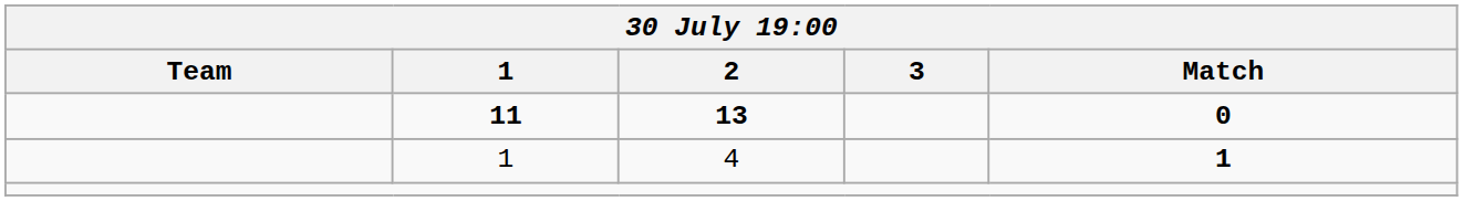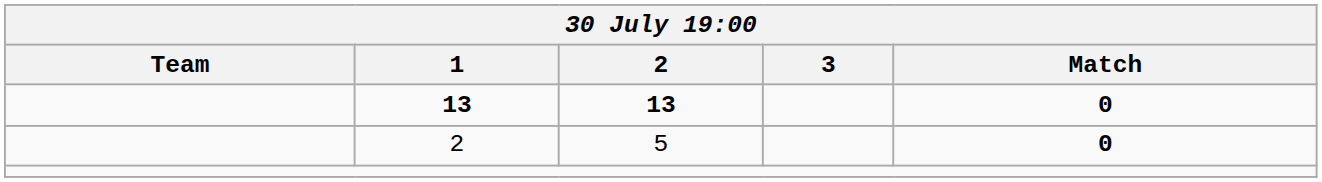 <table class=wikitable style="text-align:center; width: 55%">
 <tr>
 <th colspan=10><em>30 July 19:00</em></th>
 </tr>
 <tr>
 <th>Team</th>
 <th>1</th>
 <th>2</th>
 <th>3</th>
 <th>Match</th>
 </tr>
 <tr>
 <td align=left><strong><br></strong></td>
-<td><strong>11</strong></td>
+<td><strong>13</strong></td>
 <td><strong>13</strong></td>
 <td></td>
 <td><strong>0</strong></td>
 </tr>
 <tr>
 <td align=left><br></td>
-<td>1</td>
-<td>4</td>
+<td>2</td>
+<td>5</td>
 <td></td>
-<td><strong>1</strong></td>
+<td><strong>0</strong></td>
 </tr>
 <tr>
 <td colspan=10></td>
 </tr>
 </table>
